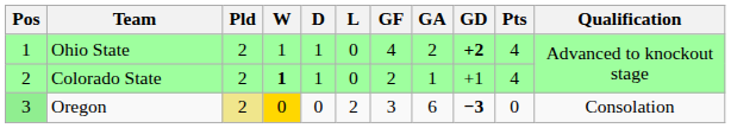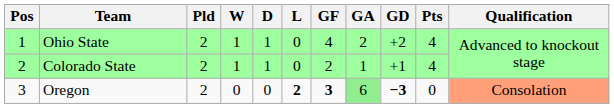 <table class="wikitable" style="text-align:center; margin: 1em auto">
 <tr>
 <th style="width:2em">Pos</th>
 <th style="width:13em">Team</th>
 <th style="width:2em">Pld</th>
 <th style="width:2em">W</th>
 <th style="width:2em">D</th>
 <th style="width:2em">L</th>
 <th style="width:2em">GF</th>
 <th style="width:2em">GA</th>
 <th style="width:2em">GD</th>
 <th style="width:2em">Pts</th>
 <th style="width:13em">Qualification</th>
 </tr>
 <tr bgcolor="#9eff9e">
 <td>1</td>
 <td style="text-align:left">Ohio State</td>
 <td>2</td>
 <td>1</td>
 <td>1</td>
 <td>0</td>
 <td>4</td>
 <td>2</td>
-<td><strong>+2</strong></td>
+<td>+2</td>
 <td>4</td>
 <td rowspan="2">Advanced to knockout stage</td>
 </tr>
 <tr bgcolor="#9eff9e">
 <td>2</td>
 <td style="text-align:left">Colorado State</td>
 <td>2</td>
-<td><strong>1</strong></td>
+<td>1</td>
 <td>1</td>
 <td>0</td>
 <td>2</td>
 <td>1</td>
 <td>+1</td>
 <td>4</td>
 </tr>
 <tr>
-<td style="background: lightgreen;">3</td>
+<td>3</td>
 <td style="text-align:left">Oregon</td>
-<td style="background: khaki;">2</td>
-<td style="background: gold;">0</td>
+<td>2</td>
 <td>0</td>
-<td>2</td>
-<td>3</td>
-<td>6</td>
+<td>0</td>
+<td><strong>2</strong></td>
+<td><strong>3</strong></td>
+<td style="background: lightgreen;">6</td>
 <td><strong>−3</strong></td>
 <td>0</td>
-<td>Consolation</td>
+<td style="background: lightsalmon;">Consolation</td>
 </tr>
 </table>
